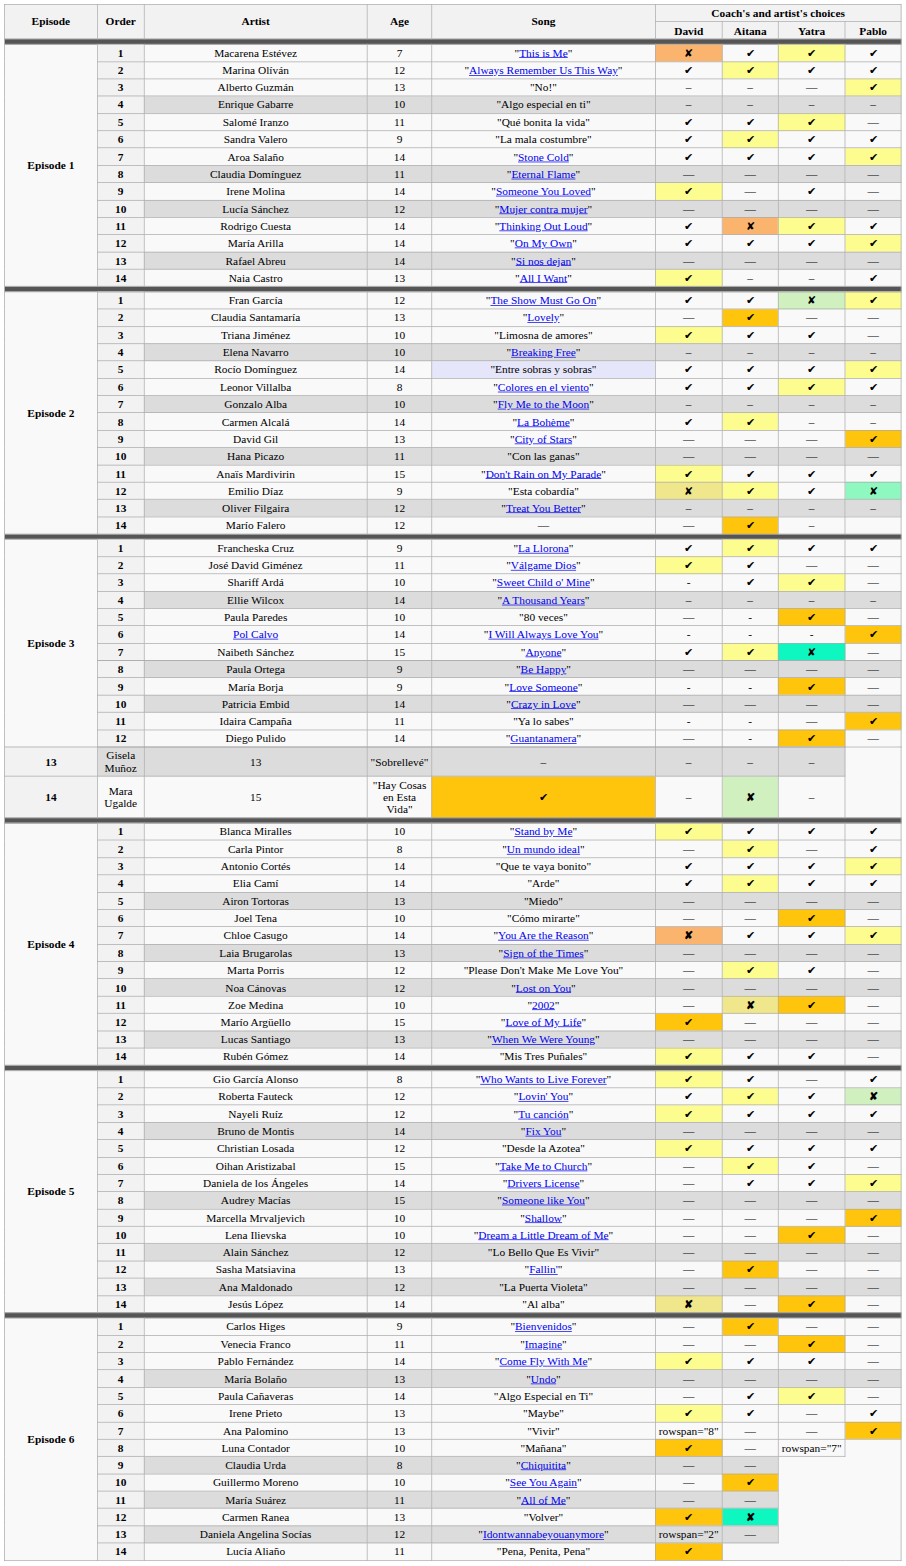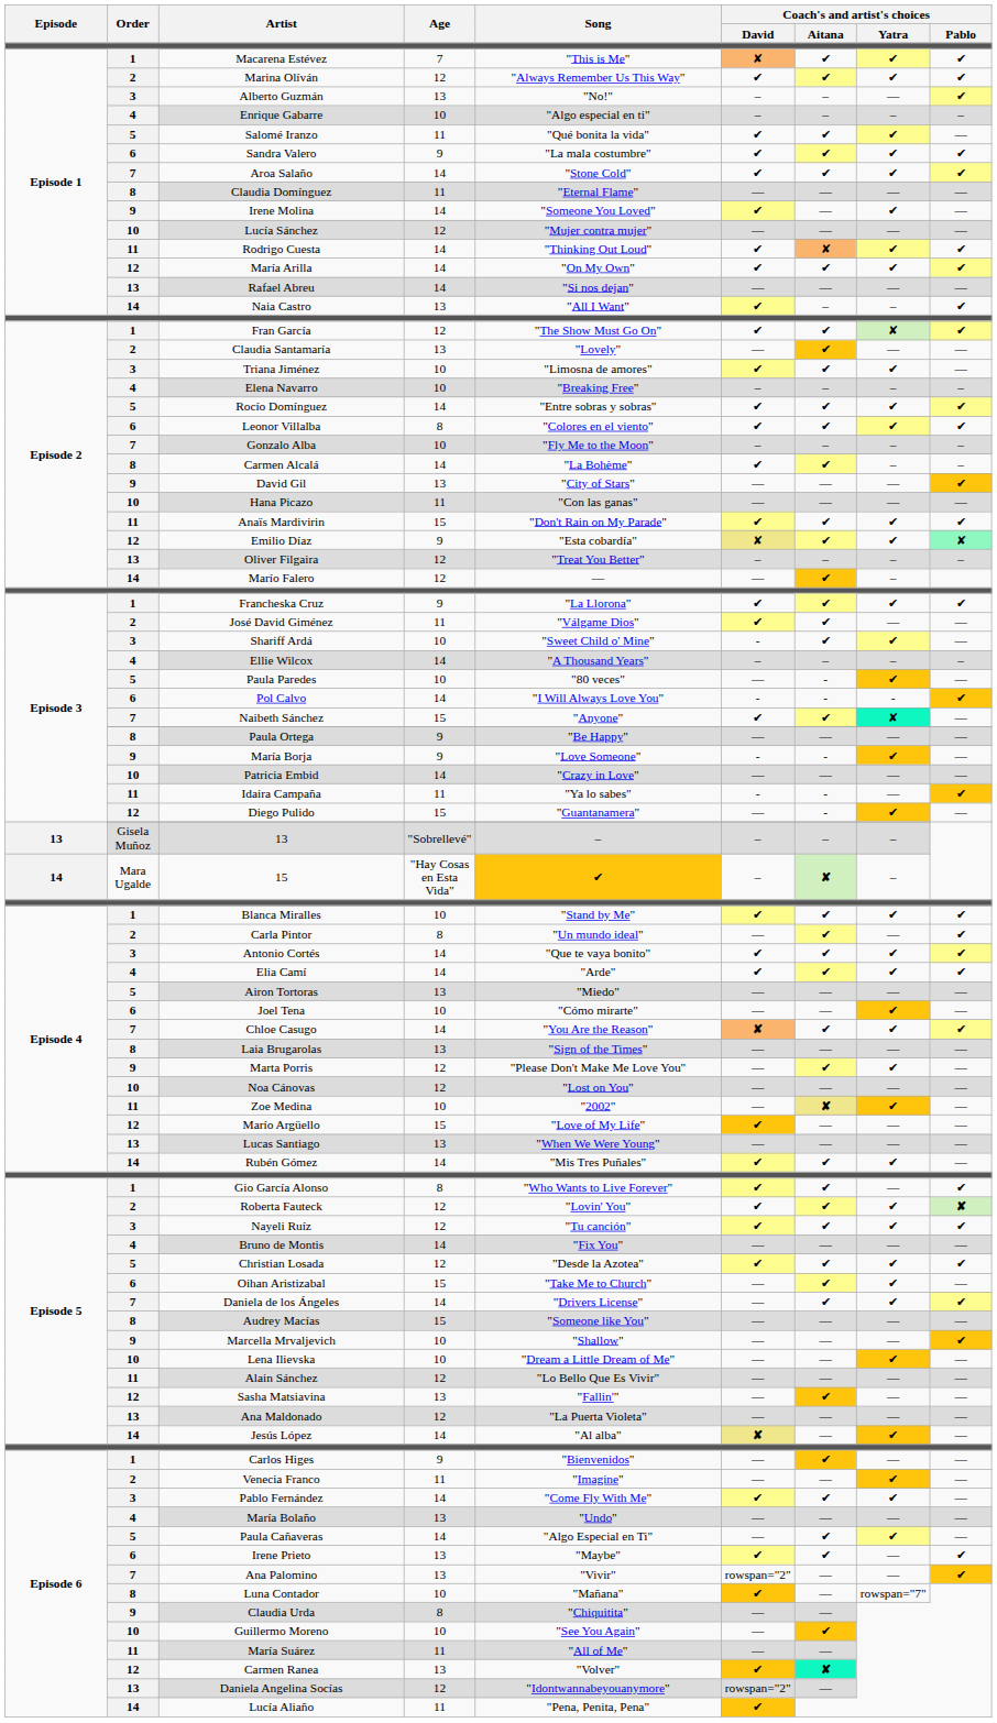 <table class="wikitable" style="text-align:center; line-height:17px; width:100%">
 <tr>
 <th rowspan="2" scope="col" style="width:10%">Episode</th>
 <th rowspan="2" scope="col" style="width:05%">Order</th>
 <th rowspan="2" scope="col" style="width:24%">Artist</th>
 <th rowspan="2" scope="col" style="width:04%">Age</th>
 <th rowspan="2" scope="col" style="width:24%">Song</th>
 <th colspan="4" scope="col" style="width:24%">Coach's and artist's choices</th>
 </tr>
 <tr>
 <th style="width:06%">David</th>
 <th style="width:06%">Aitana</th>
 <th style="width:06%">Yatra</th>
 <th style="width:06%">Pablo</th>
 </tr>
 <tr>
 <td colspan="9" style="background:#555"></td>
 </tr>
 <tr>
 <td rowspan="14"><strong>Episode 1</strong><br></td>
 <th scope="row">1</th>
 <td>Macarena Estévez</td>
 <td>7</td>
 <td>"<a href='#'>This is Me</a>"</td>
 <td style="background:#fbb46e">✘</td>
 <td>✔</td>
 <td style="background:#fdfc8f">✔</td>
 <td>✔</td>
 </tr>
 <tr>
 <th scope="row">2</th>
 <td>Marina Olíván</td>
 <td>12</td>
 <td>"<a href='#'>Always Remember Us This Way</a>"</td>
 <td>✔</td>
 <td style="background:#fdfc8f">✔</td>
 <td>✔</td>
 <td>✔</td>
 </tr>
 <tr>
 <th scope="row">3</th>
 <td>Alberto Guzmán</td>
 <td>13</td>
 <td>"No!"</td>
 <td>–</td>
 <td>–</td>
 <td>—</td>
 <td style="background:#fdfc8f">✔</td>
 </tr>
 <tr style="background:#dcdcdc">
 <th scope="row">4</th>
 <td>Enrique Gabarre</td>
 <td>10</td>
 <td>"Algo especial en ti"</td>
 <td>–</td>
 <td>–</td>
 <td>–</td>
 <td>–</td>
 </tr>
 <tr>
 <th scope="row">5</th>
 <td>Salomé Iranzo</td>
 <td>11</td>
 <td>"Qué bonita la vida"</td>
 <td>✔</td>
 <td>✔</td>
 <td style="background:#fdfc8f">✔</td>
 <td>—</td>
 </tr>
 <tr>
 <th scope="row">6</th>
 <td>Sandra Valero</td>
 <td>9</td>
 <td>"La mala costumbre"</td>
 <td>✔</td>
 <td style="background:#fdfc8f">✔</td>
 <td>✔</td>
 <td>✔</td>
 </tr>
 <tr>
 <th scope="row">7</th>
 <td>Aroa Salaño</td>
 <td>14</td>
 <td>"<a href='#'>Stone Cold</a>"</td>
 <td>✔</td>
 <td>✔</td>
 <td>✔</td>
 <td style="background:#fdfc8f">✔</td>
 </tr>
 <tr style="background:#dcdcdc">
 <th scope="row">8</th>
 <td>Claudia Domínguez</td>
 <td>11</td>
 <td>"<a href='#'>Eternal Flame</a>"</td>
 <td>—</td>
 <td>—</td>
 <td>—</td>
 <td>—</td>
 </tr>
 <tr>
 <th scope="row">9</th>
 <td>Irene Molina</td>
 <td>14</td>
 <td>"<a href='#'>Someone You Loved</a>"</td>
 <td style="background:#fdfc8f">✔</td>
 <td>—</td>
 <td>✔</td>
 <td>—</td>
 </tr>
 <tr style="background:#dcdcdc">
 <th scope="row">10</th>
 <td>Lucía Sánchez</td>
 <td>12</td>
 <td>"<a href='#'>Mujer contra mujer</a>"</td>
 <td>—</td>
 <td>—</td>
 <td>—</td>
 <td>—</td>
 </tr>
 <tr>
 <th scope="row">11</th>
 <td>Rodrigo Cuesta</td>
 <td>14</td>
 <td>"<a href='#'>Thinking Out Loud</a>"</td>
 <td>✔</td>
 <td style="background:#fbb46e">✘</td>
 <td style="background:#fdfc8f">✔</td>
 <td>✔</td>
 </tr>
 <tr>
 <th scope="row">12</th>
 <td>María Arilla</td>
 <td>14</td>
 <td>"<a href='#'>On My Own</a>"</td>
 <td>✔</td>
 <td>✔</td>
 <td>✔</td>
 <td style="background:#fdfc8f">✔</td>
 </tr>
 <tr style="background:#dcdcdc">
 <th scope="row">13</th>
 <td>Rafael Abreu</td>
 <td>14</td>
 <td>"<a href='#'>Si nos dejan</a>"</td>
 <td>—</td>
 <td>—</td>
 <td>—</td>
 <td>—</td>
 </tr>
 <tr>
 <th scope="row">14</th>
 <td>Naia Castro</td>
 <td>13</td>
 <td>"<a href='#'>All I Want</a>"</td>
 <td style="background:#fdfc8f">✔</td>
 <td>–</td>
 <td>–</td>
 <td>✔</td>
 </tr>
 <tr>
 <td colspan="9" style="background:#555"></td>
 </tr>
 <tr>
 <td rowspan="15"><strong>Episode 2</strong><br></td>
 </tr>
 <tr>
 <th scope="row">1</th>
 <td>Fran García</td>
 <td>12</td>
 <td>"<a href='#'>The Show Must Go On</a>"</td>
 <td>✔</td>
 <td>✔</td>
 <td style="background:#d0f0c0">✘</td>
 <td style="background:#fdfc8f">✔</td>
 </tr>
 <tr>
 <th scope="row">2</th>
 <td>Claudia Santamaría</td>
 <td>13</td>
 <td>"<a href='#'>Lovely</a>"</td>
 <td>—</td>
 <td style="background:#ffc40c">✔</td>
 <td>—</td>
 <td>—</td>
 </tr>
 <tr>
 <th scope="row">3</th>
 <td>Triana Jiménez</td>
 <td>10</td>
 <td>"Limosna de amores"</td>
 <td style="background:#fdfc8f">✔</td>
 <td>✔</td>
 <td>✔</td>
 <td>—</td>
 </tr>
 <tr style="background:#dcdcdc">
 <th scope="row">4</th>
 <td>Elena Navarro</td>
 <td>10</td>
 <td>"<a href='#'>Breaking Free</a>"</td>
 <td>–</td>
 <td>–</td>
 <td>–</td>
 <td>–</td>
 </tr>
 <tr>
 <th scope="row">5</th>
 <td>Rocío Domínguez</td>
 <td>14</td>
-<td style="background: lavender;">"Entre sobras y sobras"</td>
+<td>"Entre sobras y sobras"</td>
 <td>✔</td>
 <td>✔</td>
 <td>✔</td>
 <td style="background:#fdfc8f">✔</td>
 </tr>
 <tr>
 <th scope="row">6</th>
 <td>Leonor Villalba</td>
 <td>8</td>
 <td>"<a href='#'>Colores en el viento</a>"</td>
 <td>✔</td>
 <td>✔</td>
 <td style="background:#fdfc8f">✔</td>
 <td>✔</td>
 </tr>
 <tr style="background:#dcdcdc">
 <th scope="row">7</th>
 <td>Gonzalo Alba</td>
 <td>10</td>
 <td>"<a href='#'>Fly Me to the Moon</a>"</td>
 <td>–</td>
 <td>–</td>
 <td>–</td>
 <td>–</td>
 </tr>
 <tr>
 <th scope="row">8</th>
 <td>Carmen Alcalá</td>
 <td>14</td>
 <td>"<a href='#'>La Bohème</a>"</td>
 <td>✔</td>
 <td style="background:#fdfc8f">✔</td>
 <td>–</td>
 <td>–</td>
 </tr>
 <tr>
 <th scope="row">9</th>
 <td>David Gil</td>
 <td>13</td>
 <td>"<a href='#'>City of Stars</a>"</td>
 <td>—</td>
 <td>—</td>
 <td>—</td>
 <td style="background:#ffc40c">✔</td>
 </tr>
 <tr style="background:#dcdcdc">
 <th scope="row">10</th>
 <td>Hana Picazo</td>
 <td>11</td>
 <td>"Con las ganas"</td>
 <td>—</td>
 <td>—</td>
 <td>—</td>
 <td>—</td>
 </tr>
 <tr>
 <th scope="row">11</th>
 <td>Anaïs Mardivirin</td>
 <td>15</td>
 <td>"<a href='#'>Don't Rain on My Parade</a>"</td>
 <td style="background:#fdfc8f">✔</td>
 <td>✔</td>
 <td>✔</td>
 <td>✔</td>
 </tr>
 <tr>
 <th scope="row">12</th>
 <td>Emilio Díaz</td>
 <td>9</td>
 <td>"Esta cobardía"</td>
 <td style="background:khaki">✘</td>
 <td style="background:#fdfc8f">✔</td>
 <td>✔</td>
 <td style="background:#8ff7c0">✘</td>
 </tr>
 <tr style="background:#dcdcdc">
 <th scope="row">13</th>
 <td>Oliver Filgaira</td>
 <td>12</td>
 <td>"<a href='#'>Treat You Better</a>"</td>
 <td>–</td>
 <td>–</td>
 <td>–</td>
 <td>–</td>
 </tr>
 <tr>
 <th scope="row">14</th>
 <td>Marío Falero</td>
 <td>12</td>
 <td>—</td>
 <td>—</td>
 <td style="background:#ffc40c">✔</td>
 <td>–</td>
 </tr>
 <tr>
 <td colspan="9" style="background:#555"></td>
 </tr>
 <tr>
 <td rowspan="14"><strong>Episode 3</strong><br></td>
 <th scope="row">1</th>
 <td>Francheska Cruz</td>
 <td>9</td>
 <td>"<a href='#'>La Llorona</a>"</td>
 <td>✔</td>
 <td style="background:#fdfc8f">✔</td>
 <td>✔</td>
 <td>✔</td>
 </tr>
 <tr>
 <th scope="row">2</th>
 <td>José David Giménez</td>
 <td>11</td>
 <td>"<a href='#'>Válgame Dios</a>"</td>
 <td style="background:#fdfc8f">✔</td>
 <td>✔</td>
 <td>—</td>
 <td>—</td>
 </tr>
 <tr>
 <th scope="row">3</th>
 <td>Shariff Ardá</td>
 <td>10</td>
 <td>"<a href='#'>Sweet Child o' Mine</a>"</td>
 <td>-</td>
 <td>✔</td>
 <td style="background:#fdfc8f">✔</td>
 <td>—</td>
 </tr>
 <tr style="background:#dcdcdc">
 <th scope="row">4</th>
 <td>Ellie Wilcox</td>
 <td>14</td>
 <td>"<a href='#'>A Thousand Years</a>"</td>
 <td>–</td>
 <td>–</td>
 <td>–</td>
 <td>–</td>
 </tr>
 <tr>
 <th scope="row">5</th>
 <td>Paula Paredes</td>
 <td>10</td>
 <td>"80 veces"</td>
 <td>—</td>
 <td>-</td>
 <td style="background:#ffc40c">✔</td>
 <td>—</td>
 </tr>
 <tr>
 <th scope="row">6</th>
 <td><a href='#'>Pol Calvo</a></td>
 <td>14</td>
 <td>"<a href='#'>I Will Always Love You</a>"</td>
 <td>-</td>
 <td>-</td>
 <td>-</td>
 <td style="background:#ffc40c">✔</td>
 </tr>
 <tr>
 <th scope="row">7</th>
 <td>Naibeth Sánchez</td>
 <td>15</td>
 <td>"<a href='#'>Anyone</a>"</td>
 <td>✔</td>
 <td style="background:#fdfc8f">✔</td>
 <td style="background:#0ff7c0">✘</td>
 <td>—</td>
 </tr>
 <tr>
 </tr>
 <tr style="background:#dcdcdc">
 <th scope="row">8</th>
 <td>Paula Ortega</td>
 <td>9</td>
 <td>"<a href='#'>Be Happy</a>"</td>
 <td>—</td>
 <td>—</td>
 <td>—</td>
 <td>—</td>
 </tr>
 <tr>
 <th scope="row">9</th>
 <td>María Borja</td>
 <td>9</td>
 <td>"<a href='#'>Love Someone</a>"</td>
 <td>-</td>
 <td>-</td>
 <td style="background:#ffc40c">✔</td>
 <td>—</td>
 </tr>
 <tr style="background:#dcdcdc">
 <th scope="row">10</th>
 <td>Patricia Embid</td>
 <td>14</td>
 <td>"<a href='#'>Crazy in Love</a>"</td>
 <td>—</td>
 <td>—</td>
 <td>—</td>
 <td>—</td>
 </tr>
 <tr>
 <th scope="row">11</th>
 <td>Idaira Campaña</td>
 <td>11</td>
 <td>"Ya lo sabes"</td>
 <td>-</td>
 <td>-</td>
 <td>—</td>
 <td style="background:#ffc40c">✔</td>
 </tr>
 <tr>
 <th scope="row">12</th>
 <td>Diego Pulido</td>
-<td>14</td>
+<td>15</td>
 <td>"<a href='#'>Guantanamera</a>"</td>
 <td>—</td>
 <td>-</td>
 <td style="background:#ffc40c">✔</td>
 <td>—</td>
 </tr>
 <tr>
 </tr>
 <tr style="background:#dcdcdc">
 <th scope="row">13</th>
 <td>Gisela Muñoz</td>
 <td>13</td>
 <td>"Sobrellevé"</td>
 <td>–</td>
 <td>–</td>
 <td>–</td>
 <td>–</td>
 </tr>
 <tr>
 <th scope="row">14</th>
 <td>Mara Ugalde</td>
 <td>15</td>
 <td>"Hay Cosas en Esta Vida"</td>
 <td style="background:#ffc40c">✔</td>
 <td>–</td>
 <td style="background:#d0f0c0"><strong>✘</strong></td>
 <td>–</td>
 </tr>
 <tr>
 <td colspan="9" style="background:#555"></td>
 </tr>
 <tr>
 </tr>
 <tr>
 <td rowspan="15"><strong>Episode 4</strong><br></td>
 </tr>
 <tr>
 <th scope="row">1</th>
 <td>Blanca Miralles</td>
 <td>10</td>
 <td>"<a href='#'>Stand by Me</a>"</td>
 <td style="background:#fdfc8f">✔</td>
 <td>✔</td>
 <td>✔</td>
 <td>✔</td>
 </tr>
 <tr>
 <th scope="row">2</th>
 <td>Carla Pintor</td>
 <td>8</td>
 <td>"<a href='#'>Un mundo ideal</a>"</td>
 <td>—</td>
 <td style="background:#fdfc8f">✔</td>
 <td>—</td>
 <td>✔</td>
 </tr>
 <tr>
 <th scope="row">3</th>
 <td>Antonio Cortés</td>
 <td>14</td>
 <td>"Que te vaya bonito"</td>
 <td>✔</td>
 <td>✔</td>
 <td>✔</td>
 <td style="background:#fdfc8f">✔</td>
 </tr>
 <tr>
 <th scope="row">4</th>
 <td>Elia Camí</td>
 <td>14</td>
 <td>"Arde"</td>
 <td>✔</td>
 <td style="background:#fdfc8f">✔</td>
 <td>✔</td>
 <td>✔</td>
 </tr>
 <tr style="background:#dcdcdc">
 <th scope="row">5</th>
 <td>Airon Tortoras</td>
 <td>13</td>
 <td>"Miedo"</td>
 <td>—</td>
 <td>—</td>
 <td>—</td>
 <td>—</td>
 </tr>
 <tr>
 <th scope="row">6</th>
 <td>Joel Tena</td>
 <td>10</td>
 <td>"Cómo mirarte"</td>
 <td>—</td>
 <td>—</td>
 <td style="background:#ffc40c">✔</td>
 <td>—</td>
 </tr>
 <tr>
 <th scope="row">7</th>
 <td>Chloe Casugo</td>
 <td>14</td>
 <td>"<a href='#'>You Are the Reason</a>"</td>
 <td style="background:#fbb46e"><strong>✘</strong></td>
 <td>✔</td>
 <td>✔</td>
 <td style="background:#fdfc8f">✔</td>
 </tr>
 <tr style="background:#dcdcdc">
 <th scope="row">8</th>
 <td>Laia Brugarolas</td>
 <td>13</td>
 <td>"<a href='#'>Sign of the Times</a>"</td>
 <td>—</td>
 <td>—</td>
 <td>—</td>
 <td>—</td>
 </tr>
 <tr>
 <th scope="row">9</th>
 <td>Marta Porris</td>
 <td>12</td>
 <td>"Please Don't Make Me Love You"</td>
 <td>—</td>
 <td style="background:#fdfc8f">✔</td>
 <td>✔</td>
 <td>—</td>
 </tr>
 <tr style="background:#dcdcdc">
 <th scope="row">10</th>
 <td>Noa Cánovas</td>
 <td>12</td>
 <td>"<a href='#'>Lost on You</a>"</td>
 <td>—</td>
 <td>—</td>
 <td>—</td>
 <td>—</td>
 </tr>
 <tr>
 <th scope="row">11</th>
 <td>Zoe Medina</td>
 <td>10</td>
 <td>"<a href='#'>2002</a>"</td>
 <td>—</td>
 <td style="background:khaki"><strong>✘</strong></td>
 <td style="background:#ffc40c">✔</td>
 <td>—</td>
 </tr>
 <tr>
 <th scope="row">12</th>
 <td>Marío Argüello</td>
 <td>15</td>
 <td>"<a href='#'>Love of My Life</a>"</td>
 <td style="background:#ffc40c">✔</td>
 <td>—</td>
 <td>—</td>
 <td>—</td>
 </tr>
 <tr style="background:#dcdcdc">
 <th scope="row">13</th>
 <td>Lucas Santiago</td>
 <td>13</td>
 <td>"<a href='#'>When We Were Young</a>"</td>
 <td>—</td>
 <td>—</td>
 <td>—</td>
 <td>—</td>
 </tr>
 <tr>
 <th scope="row">14</th>
 <td>Rubén Gómez</td>
 <td>14</td>
 <td>"Mis Tres Puñales"</td>
 <td style="background:#fdfc8f">✔</td>
 <td>✔</td>
 <td>✔</td>
 <td>—</td>
 </tr>
 <tr>
 <td colspan="9" style="background:#555"></td>
 </tr>
 <tr>
 <td rowspan="15"><strong>Episode 5</strong><br></td>
 </tr>
 <tr>
 <th>1</th>
 <td>Gio García Alonso</td>
 <td>8</td>
 <td>"<a href='#'>Who Wants to Live Forever</a>"</td>
 <td style="background:#fdfc8f">✔</td>
 <td>✔</td>
 <td>—</td>
 <td>✔</td>
 </tr>
 <tr>
 <th scope="row">2</th>
 <td>Roberta Fauteck</td>
 <td>12</td>
 <td>"<a href='#'>Lovin' You</a>"</td>
 <td>✔</td>
 <td style="background:#fdfc8f">✔</td>
 <td>✔</td>
 <td style="background:#d0f0c0"><strong>✘</strong></td>
 </tr>
 <tr>
 <th scope="row">3</th>
 <td>Nayeli Ruíz</td>
 <td>12</td>
 <td>"<a href='#'>Tu canción</a>"</td>
 <td style="background:#fdfc8f">✔</td>
 <td>✔</td>
 <td>✔</td>
 <td>✔</td>
 </tr>
 <tr style="background:#dcdcdc">
 <th scope="row">4</th>
 <td>Bruno de Montis</td>
 <td>14</td>
 <td>"<a href='#'>Fix You</a>"</td>
 <td>—</td>
 <td>—</td>
 <td>—</td>
 <td>—</td>
 </tr>
 <tr>
 <th scope="row">5</th>
 <td>Christian Losada</td>
 <td>12</td>
 <td>"Desde la Azotea"</td>
 <td style="background:#fdfc8f">✔</td>
 <td>✔</td>
 <td>✔</td>
 <td>✔</td>
 </tr>
 <tr>
 <th scope="row">6</th>
 <td>Oihan Aristizabal</td>
 <td>15</td>
 <td>"<a href='#'>Take Me to Church</a>"</td>
 <td>—</td>
 <td style="background:#fdfc8f">✔</td>
 <td>✔</td>
 <td>—</td>
 </tr>
 <tr>
 <th scope="row">7</th>
 <td>Daniela de los Ángeles</td>
 <td>14</td>
 <td>"<a href='#'>Drivers License</a>"</td>
 <td>—</td>
 <td>✔</td>
 <td>✔</td>
 <td style="background:#fdfc8f">✔</td>
 </tr>
 <tr style="background:#dcdcdc">
 <th scope="row">8</th>
 <td>Audrey Macías</td>
 <td>15</td>
 <td>"<a href='#'>Someone like You</a>"</td>
 <td>—</td>
 <td>—</td>
 <td>—</td>
 <td>—</td>
 </tr>
 <tr>
 <th scope="row">9</th>
 <td>Marcella Mrvaljevich</td>
 <td>10</td>
 <td>"<a href='#'>Shallow</a>"</td>
 <td>—</td>
 <td>—</td>
 <td>—</td>
 <td style="background:#ffc40c">✔</td>
 </tr>
 <tr>
 <th scope="row">10</th>
 <td>Lena Ilievska</td>
 <td>10</td>
 <td>"<a href='#'>Dream a Little Dream of Me</a>"</td>
 <td>—</td>
 <td>—</td>
 <td style="background:#ffc40c">✔</td>
 <td>—</td>
 </tr>
 <tr style="background:#dcdcdc">
 <th scope="row">11</th>
 <td>Alain Sánchez</td>
 <td>12</td>
 <td>"Lo Bello Que Es Vivir"</td>
 <td>—</td>
 <td>—</td>
 <td>—</td>
 <td>—</td>
 </tr>
 <tr>
 <th scope="row">12</th>
 <td>Sasha Matsiavina</td>
 <td>13</td>
 <td>"<a href='#'>Fallin'</a>"</td>
 <td>—</td>
 <td style="background:#ffc40c">✔</td>
 <td>—</td>
 <td>—</td>
 </tr>
 <tr style="background:#dcdcdc">
 <th scope="row">13</th>
 <td>Ana Maldonado</td>
 <td>12</td>
 <td>"La Puerta Violeta"</td>
 <td>—</td>
 <td>—</td>
 <td>—</td>
 <td>—</td>
 </tr>
 <tr>
 <th>14</th>
 <td>Jesús López</td>
 <td>14</td>
 <td>"Al alba"</td>
 <td style="background:khaki"><strong>✘</strong></td>
 <td>—</td>
 <td style="background:#ffc40c">✔</td>
 <td>—</td>
 </tr>
 <tr>
 <td colspan="9" style="background:#555"></td>
 </tr>
 <tr>
 <td rowspan="14"><strong>Episode 6</strong><br></td>
 <th>1</th>
 <td>Carlos Higes</td>
 <td>9</td>
 <td>"<a href='#'>Bienvenidos</a>"</td>
 <td>—</td>
 <td style="background:#ffc40c">✔</td>
 <td>—</td>
 <td>—</td>
 </tr>
 <tr>
 <th>2</th>
 <td>Venecia Franco</td>
 <td>11</td>
 <td>"<a href='#'>Imagine</a>"</td>
 <td>—</td>
 <td>—</td>
 <td style="background:#ffc40c">✔</td>
 <td>—</td>
 </tr>
 <tr>
 <th>3</th>
 <td>Pablo Fernández</td>
 <td>14</td>
 <td>"<a href='#'>Come Fly With Me</a>"</td>
 <td style="background:#fdfc8f">✔</td>
 <td>✔</td>
 <td>✔</td>
 <td>—</td>
 </tr>
 <tr style="background:#dcdcdc">
 <th>4</th>
 <td>María Bolaño</td>
 <td>13</td>
 <td>"<a href='#'>Undo</a>"</td>
 <td>—</td>
 <td>—</td>
 <td>—</td>
 <td>—</td>
 </tr>
 <tr>
 <th>5</th>
 <td>Paula Cañaveras</td>
 <td>14</td>
 <td>"Algo Especial en Ti"</td>
 <td>—</td>
 <td>✔</td>
 <td style="background:#fdfc8f">✔</td>
 <td>—</td>
 </tr>
 <tr>
 <th>6</th>
 <td>Irene Prieto</td>
 <td>13</td>
 <td>"Maybe"</td>
 <td style="background:#fdfc8f">✔</td>
 <td>✔</td>
 <td>—</td>
 <td>✔</td>
 </tr>
 <tr>
 <th>7</th>
 <td>Ana Palomino</td>
 <td>13</td>
 <td>"Vivir"</td>
-<td>rowspan="8" </td>
+<td>rowspan="2" </td>
 <td>—</td>
 <td>—</td>
 <td style="background:#ffc40c">✔</td>
 </tr>
 <tr>
 <th>8</th>
 <td>Luna Contador</td>
 <td>10</td>
 <td>"Mañana"</td>
 <td style="background:#ffc40c">✔</td>
 <td>—</td>
 <td>rowspan="7" </td>
 </tr>
 <tr style="background:#dcdcdc">
 <th>9</th>
 <td>Claudia Urda</td>
 <td>8</td>
 <td>"<a href='#'>Chiquitita</a>"</td>
 <td>—</td>
 <td>—</td>
 </tr>
 <tr>
 <th>10</th>
 <td>Guillermo Moreno</td>
 <td>10</td>
 <td>"<a href='#'>See You Again</a>"</td>
 <td>—</td>
 <td style="background:#ffc40c">✔</td>
 </tr>
 <tr style="background:#dcdcdc">
 <th>11</th>
 <td>María Suárez</td>
 <td>11</td>
 <td>"<a href='#'>All of Me</a>"</td>
 <td>—</td>
 <td>—</td>
 </tr>
 <tr>
 <th>12</th>
 <td>Carmen Ranea</td>
 <td>13</td>
 <td>"Volver"</td>
 <td style="background:#ffc40c">✔</td>
 <td style="background:#0ff7c0"><strong>✘</strong></td>
 </tr>
 <tr style="background:#dcdcdc">
 <th>13</th>
 <td>Daniela Angelina Socías</td>
 <td>12</td>
 <td>"<a href='#'>Idontwannabeyouanymore</a>"</td>
 <td>rowspan="2" </td>
 <td>—</td>
 </tr>
 <tr>
 <th>14</th>
 <td>Lucía Aliaño</td>
 <td>11</td>
 <td>"Pena, Penita, Pena"</td>
 <td style="background:#ffc40c">✔</td>
 </tr>
 </table>
